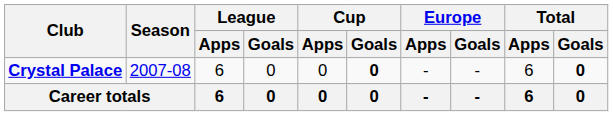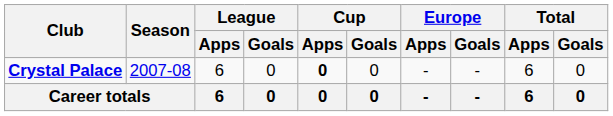 <table class="wikitable" style="text-align: center;">
 <tr>
 <th rowspan="2">Club</th>
 <th rowspan="2">Season</th>
 <th colspan="2">League</th>
 <th colspan="2">Cup</th>
 <th colspan="2"><a href='#'>Europe</a></th>
 <th colspan="2">Total</th>
 </tr>
 <tr>
 <th>Apps</th>
 <th>Goals</th>
 <th>Apps</th>
 <th>Goals</th>
 <th>Apps</th>
 <th>Goals</th>
 <th>Apps</th>
 <th>Goals</th>
 </tr>
 <tr>
 <td rowspan="1" valign="top"><strong><a href='#'>Crystal Palace</a></strong></td>
 <td><a href='#'>2007-08</a></td>
 <td>6</td>
 <td>0</td>
+<td><strong>0</strong></td>
 <td>0</td>
-<td><strong>0</strong></td>
 <td>-</td>
 <td>-</td>
 <td>6</td>
-<td><strong>0</strong></td>
+<td>0</td>
 </tr>
 <tr>
 <th colspan="2">Career totals</th>
 <th>6</th>
 <th>0</th>
 <th>0</th>
 <th>0</th>
 <th>-</th>
 <th>-</th>
 <th>6</th>
 <th>0</th>
 </tr>
 </table>
